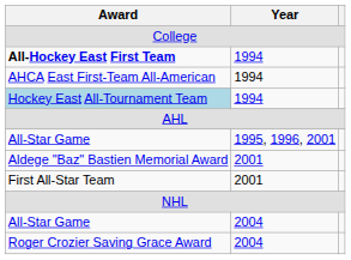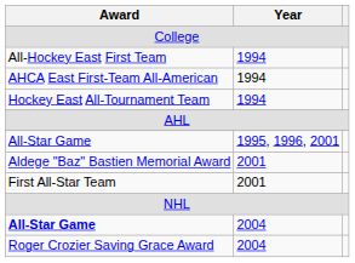 <table class="wikitable">
 <tr>
 <th>Award</th>
 <th>Year</th>
 <th></th>
 </tr>
 <tr ALIGN="center" bgcolor="#e0e0e0">
 <td colspan="3"><a href='#'>College</a></td>
 </tr>
 <tr>
-<td><strong>All-<a href='#'>Hockey East</a> <a href='#'>First Team</a></strong></td>
+<td>All-<a href='#'>Hockey East</a> <a href='#'>First Team</a></td>
 <td><a href='#'>1994</a></td>
 <td></td>
 </tr>
 <tr>
 <td><a href='#'>AHCA</a> <a href='#'>East First-Team All-American</a></td>
 <td>1994</td>
 <td></td>
 </tr>
 <tr>
-<td style="background: lightblue;"><a href='#'>Hockey East</a> <a href='#'>All-Tournament Team</a></td>
+<td><a href='#'>Hockey East</a> <a href='#'>All-Tournament Team</a></td>
 <td><a href='#'>1994</a></td>
 <td></td>
 </tr>
 <tr ALIGN="center" bgcolor="#e0e0e0">
 <td colspan="3"><a href='#'>AHL</a></td>
 </tr>
 <tr>
 <td><a href='#'>All-Star Game</a></td>
 <td><a href='#'>1995</a>, <a href='#'>1996</a>, <a href='#'>2001</a></td>
 <td></td>
 </tr>
 <tr>
 <td><a href='#'>Aldege "Baz" Bastien Memorial Award</a></td>
 <td><a href='#'>2001</a></td>
 <td></td>
 </tr>
 <tr>
 <td>First All-Star Team</td>
 <td>2001</td>
 <td></td>
 </tr>
 <tr ALIGN="center" bgcolor="#e0e0e0">
 <td colspan="3"><a href='#'>NHL</a></td>
 </tr>
 <tr>
-<td><a href='#'>All-Star Game</a></td>
+<td><strong><a href='#'>All-Star Game</a></strong></td>
 <td><a href='#'>2004</a></td>
 <td></td>
 </tr>
 <tr>
 <td><a href='#'>Roger Crozier Saving Grace Award</a></td>
 <td><a href='#'>2004</a></td>
 <td></td>
 </tr>
 </table>
